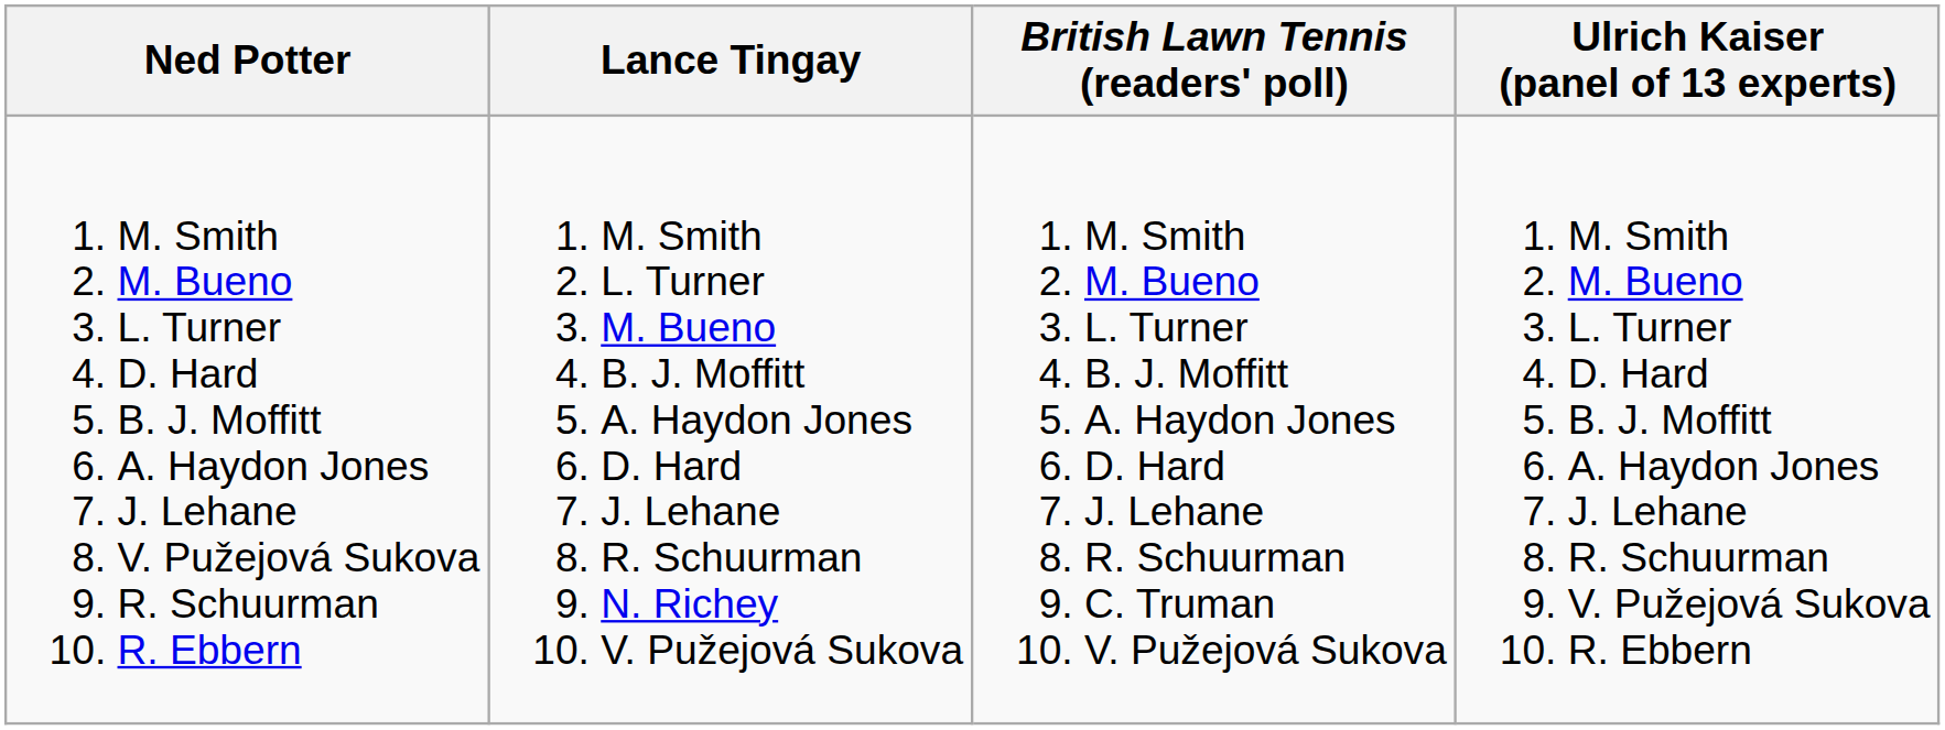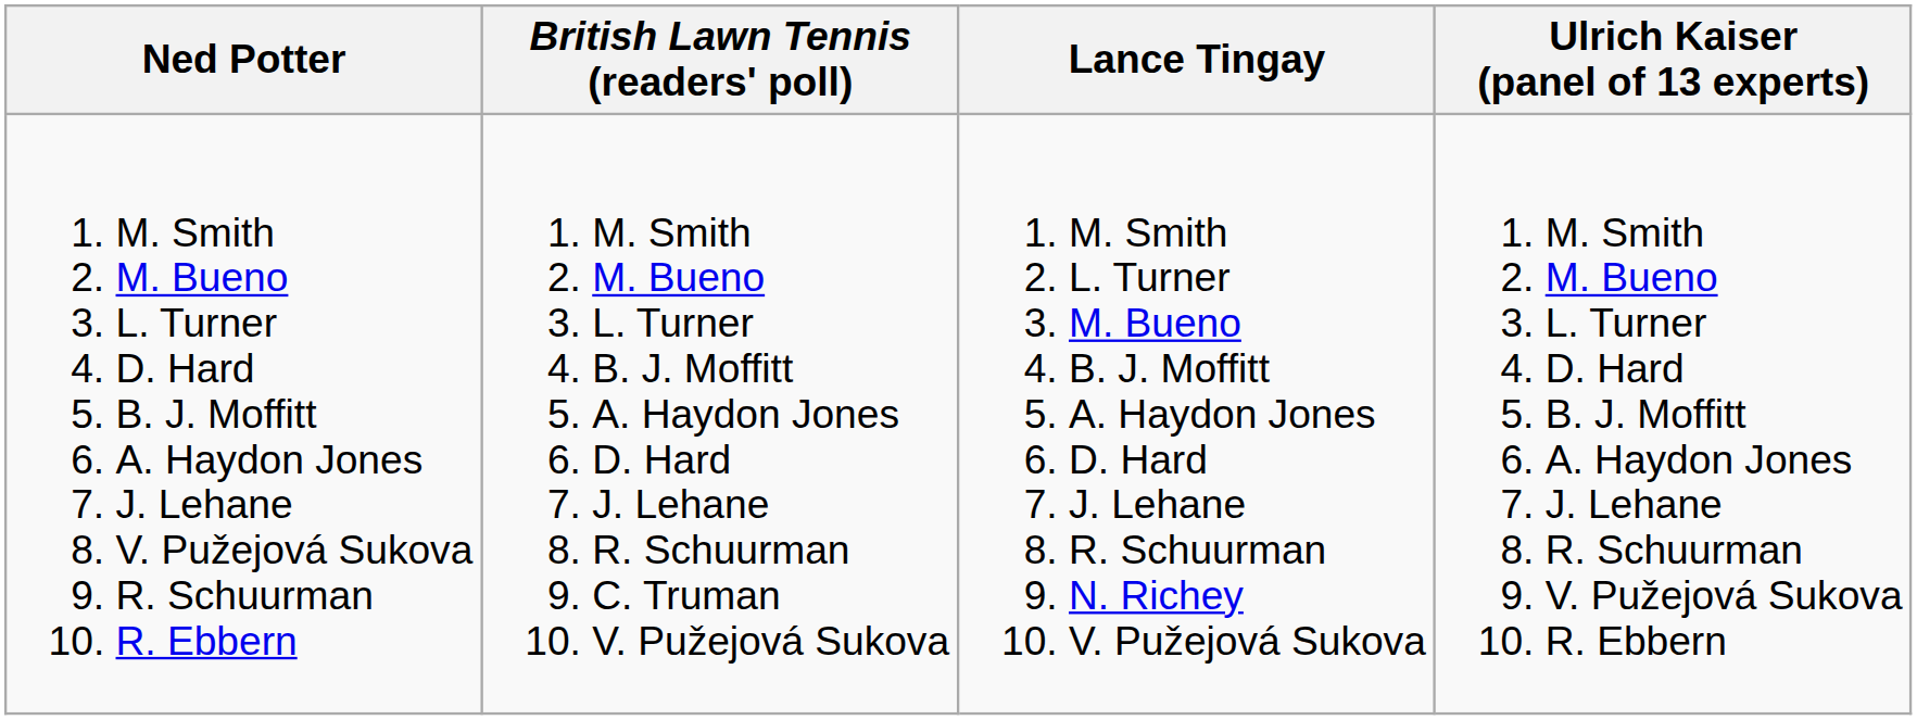 <table class="wikitable">
 <tr>
 <th>Ned Potter</th>
+<th><em>British Lawn Tennis</em><br>(readers' poll)</th>
 <th>Lance Tingay<strong></strong></th>
-<th><em>British Lawn Tennis</em><br>(readers' poll)</th>
 <th>Ulrich Kaiser<em></em><br>(panel of 13 experts)</th>
 </tr>
 <tr style="vertical-align: top;">
 <td style="white-space: nowrap;"><br><ol><li> M. Smith</li><li> <a href='#'>M. Bueno</a></li><li> L. Turner</li><li> D. Hard</li><li> B. J. Moffitt</li><li> A. Haydon Jones</li><li> J. Lehane</li><li> V. Pužejová Sukova</li><li> R. Schuurman</li><li> <a href='#'>R. Ebbern</a></li></ol></td>
+<td style="white-space: nowrap;"><br><ol><li> M. Smith</li><li> <a href='#'>M. Bueno</a></li><li> L. Turner</li><li> B. J. Moffitt</li><li> A. Haydon Jones</li><li> D. Hard</li><li> J. Lehane</li><li> R. Schuurman</li><li> C. Truman</li><li> V. Pužejová Sukova</li></ol></td>
 <td style="white-space: nowrap;"><br><ol><li> M. Smith</li><li> L. Turner</li><li> <a href='#'>M. Bueno</a></li><li> B. J. Moffitt</li><li> A. Haydon Jones</li><li> D. Hard</li><li> J. Lehane</li><li> R. Schuurman</li><li> <a href='#'>N. Richey</a></li><li> V. Pužejová Sukova</li></ol></td>
-<td style="white-space: nowrap;"><br><ol><li> M. Smith</li><li> <a href='#'>M. Bueno</a></li><li> L. Turner</li><li> B. J. Moffitt</li><li> A. Haydon Jones</li><li> D. Hard</li><li> J. Lehane</li><li> R. Schuurman</li><li> C. Truman</li><li> V. Pužejová Sukova</li></ol></td>
 <td style="white-space: nowrap;"><br><ol><li> M. Smith</li><li> <a href='#'>M. Bueno</a></li><li> L. Turner</li><li> D. Hard</li><li> B. J. Moffitt</li><li> A. Haydon Jones</li><li> J. Lehane</li><li> R. Schuurman</li><li> V. Pužejová Sukova</li><li> R. Ebbern</li></ol></td>
 </tr>
 </table>
